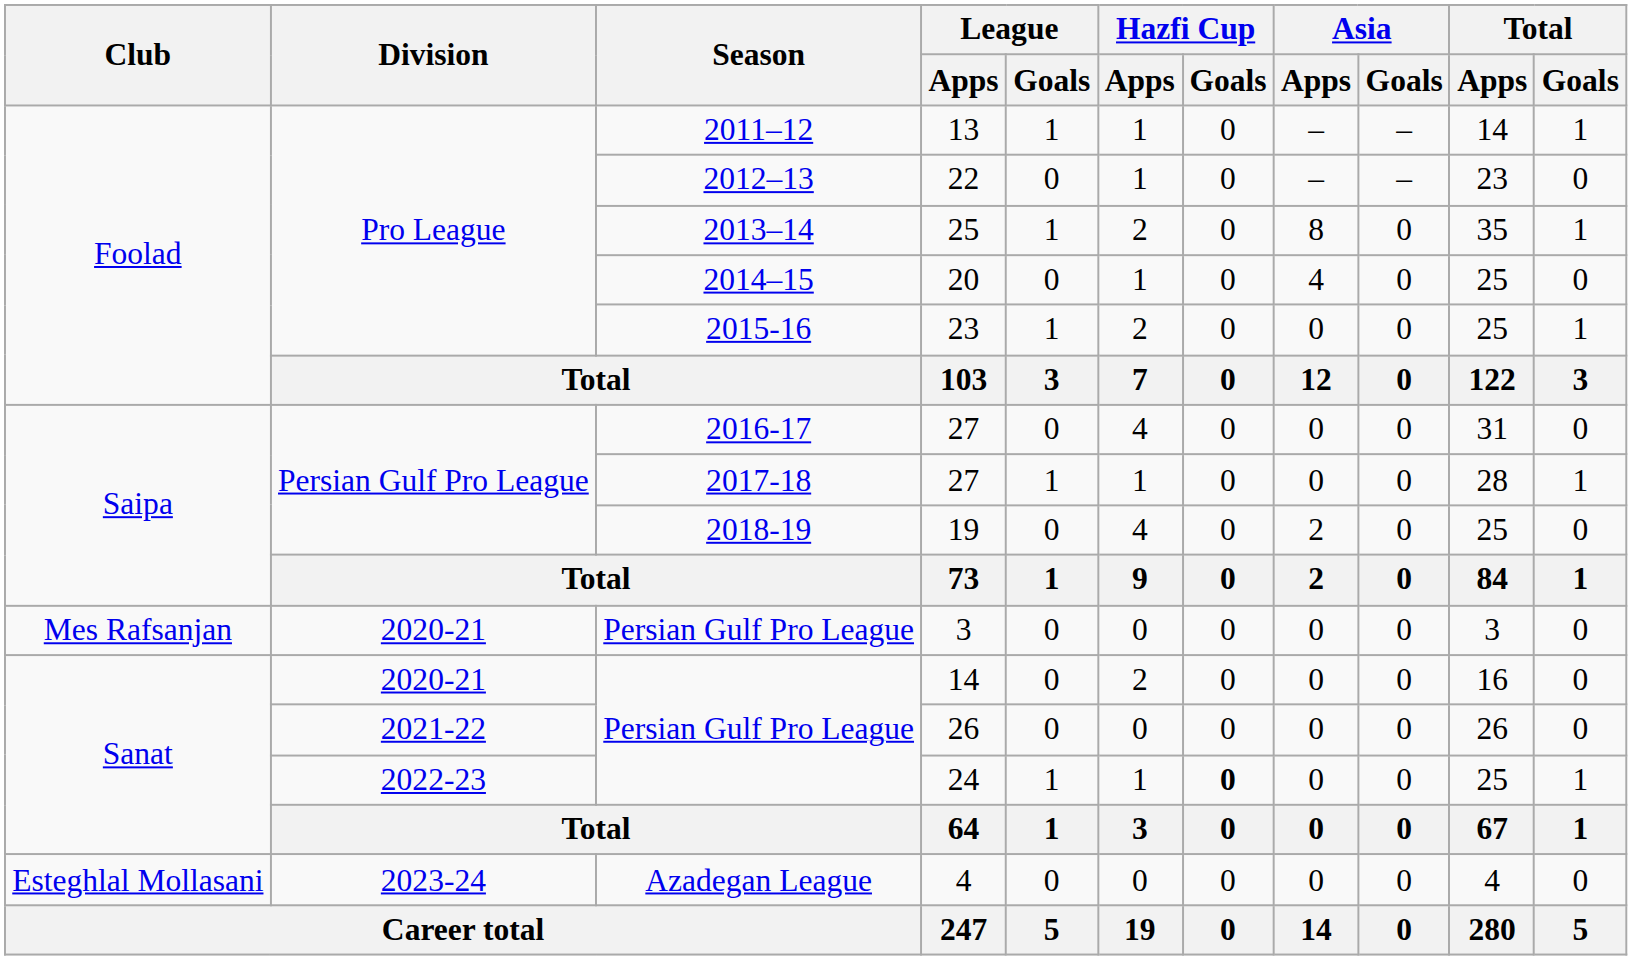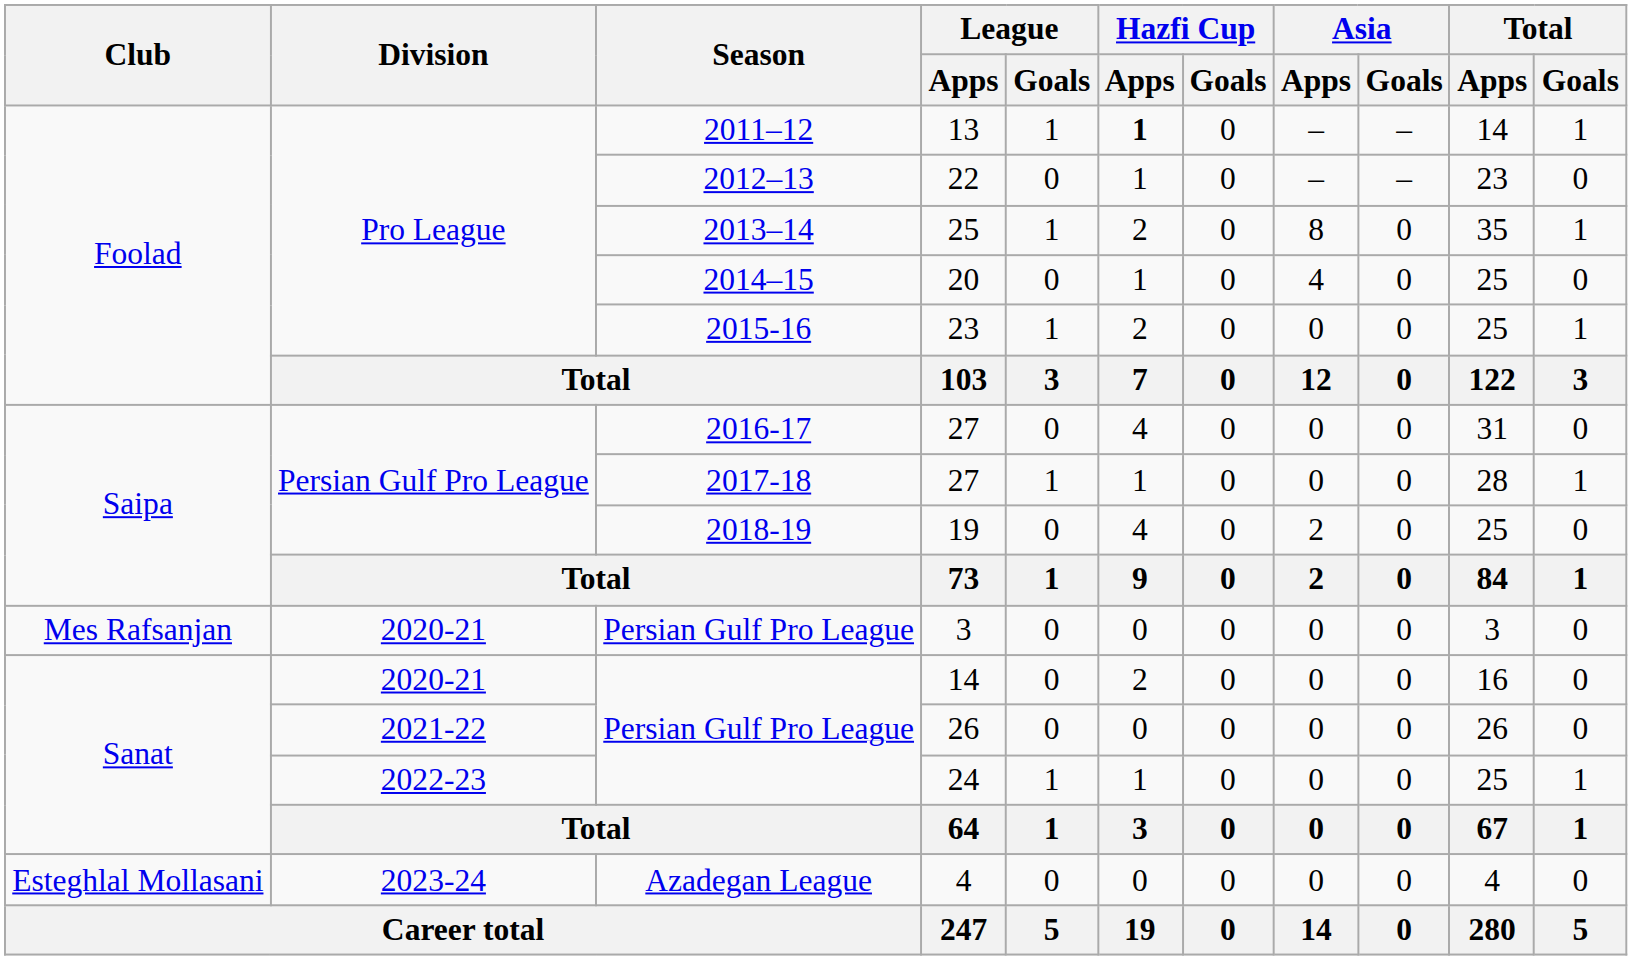 <table class="wikitable" style="text-align: center;">
 <tr>
 <th rowspan="2">Club</th>
 <th rowspan="2">Division</th>
 <th rowspan="2">Season</th>
 <th colspan="2">League</th>
 <th colspan="2"><a href='#'>Hazfi Cup</a></th>
 <th colspan="2"><a href='#'>Asia</a></th>
 <th colspan="2">Total</th>
 </tr>
 <tr>
 <th>Apps</th>
 <th>Goals</th>
 <th>Apps</th>
 <th>Goals</th>
 <th>Apps</th>
 <th>Goals</th>
 <th>Apps</th>
 <th>Goals</th>
 </tr>
 <tr>
 <td rowspan="6"><a href='#'>Foolad</a></td>
 <td rowspan="5"><a href='#'>Pro League</a></td>
 <td><a href='#'>2011–12</a></td>
 <td>13</td>
 <td>1</td>
-<td>1</td>
+<td><strong>1</strong></td>
 <td>0</td>
 <td>–</td>
 <td>–</td>
 <td>14</td>
 <td>1</td>
 </tr>
 <tr>
 <td><a href='#'>2012–13</a></td>
 <td>22</td>
 <td>0</td>
 <td>1</td>
 <td>0</td>
 <td>–</td>
 <td>–</td>
 <td>23</td>
 <td>0</td>
 </tr>
 <tr>
 <td><a href='#'>2013–14</a></td>
 <td>25</td>
 <td>1</td>
 <td>2</td>
 <td>0</td>
 <td>8</td>
 <td>0</td>
 <td>35</td>
 <td>1</td>
 </tr>
 <tr>
 <td><a href='#'>2014–15</a></td>
 <td>20</td>
 <td>0</td>
 <td>1</td>
 <td>0</td>
 <td>4</td>
 <td>0</td>
 <td>25</td>
 <td>0</td>
 </tr>
 <tr>
 <td><a href='#'>2015-16</a></td>
 <td>23</td>
 <td>1</td>
 <td>2</td>
 <td>0</td>
 <td>0</td>
 <td>0</td>
 <td>25</td>
 <td>1</td>
 </tr>
 <tr>
 <th colspan=2>Total</th>
 <th>103</th>
 <th>3</th>
 <th>7</th>
 <th>0</th>
 <th>12</th>
 <th>0</th>
 <th>122</th>
 <th>3</th>
 </tr>
 <tr>
 <td rowspan="4"><a href='#'>Saipa</a></td>
 <td rowspan="3"><a href='#'>Persian Gulf Pro League</a></td>
 <td><a href='#'>2016-17</a></td>
 <td>27</td>
 <td>0</td>
 <td>4</td>
 <td>0</td>
 <td>0</td>
 <td>0</td>
 <td>31</td>
 <td>0</td>
 </tr>
 <tr>
 <td><a href='#'>2017-18</a></td>
 <td>27</td>
 <td>1</td>
 <td>1</td>
 <td>0</td>
 <td>0</td>
 <td>0</td>
 <td>28</td>
 <td>1</td>
 </tr>
 <tr>
 <td><a href='#'>2018-19</a></td>
 <td>19</td>
 <td>0</td>
 <td>4</td>
 <td>0</td>
 <td>2</td>
 <td>0</td>
 <td>25</td>
 <td>0</td>
 </tr>
 <tr>
 <th colspan=2>Total</th>
 <th>73</th>
 <th>1</th>
 <th>9</th>
 <th>0</th>
 <th>2</th>
 <th>0</th>
 <th>84</th>
 <th>1</th>
 </tr>
 <tr>
 <td><a href='#'>Mes Rafsanjan</a></td>
 <td><a href='#'>2020-21</a></td>
 <td><a href='#'>Persian Gulf Pro League</a></td>
 <td>3</td>
 <td>0</td>
 <td>0</td>
 <td>0</td>
 <td>0</td>
 <td>0</td>
 <td>3</td>
 <td>0</td>
 </tr>
 <tr>
 <td rowspan="4"><a href='#'>Sanat</a></td>
 <td><a href='#'>2020-21</a></td>
 <td rowspan="3"><a href='#'>Persian Gulf Pro League</a></td>
 <td>14</td>
 <td>0</td>
 <td>2</td>
 <td>0</td>
 <td>0</td>
 <td>0</td>
 <td>16</td>
 <td>0</td>
 </tr>
 <tr>
 <td><a href='#'>2021-22</a></td>
 <td>26</td>
 <td>0</td>
 <td>0</td>
 <td>0</td>
 <td>0</td>
 <td>0</td>
 <td>26</td>
 <td>0</td>
 </tr>
 <tr>
 <td><a href='#'>2022-23</a></td>
 <td>24</td>
 <td>1</td>
 <td>1</td>
-<td><strong>0</strong></td>
+<td>0</td>
 <td>0</td>
 <td>0</td>
 <td>25</td>
 <td>1</td>
 </tr>
 <tr>
 <th colspan=2>Total</th>
 <th>64</th>
 <th>1</th>
 <th>3</th>
 <th>0</th>
 <th>0</th>
 <th>0</th>
 <th>67</th>
 <th>1</th>
 </tr>
 <tr>
 <td><a href='#'>Esteghlal Mollasani</a></td>
 <td><a href='#'>2023-24</a></td>
 <td><a href='#'>Azadegan League</a></td>
 <td>4</td>
 <td>0</td>
 <td>0</td>
 <td>0</td>
 <td>0</td>
 <td>0</td>
 <td>4</td>
 <td>0</td>
 </tr>
 <tr>
 <th colspan=3>Career total</th>
 <th>247</th>
 <th>5</th>
 <th>19</th>
 <th>0</th>
 <th>14</th>
 <th>0</th>
 <th>280</th>
 <th>5</th>
 </tr>
 </table>
